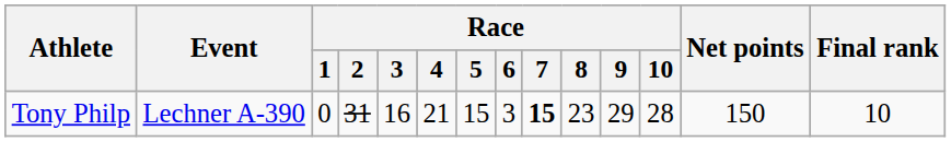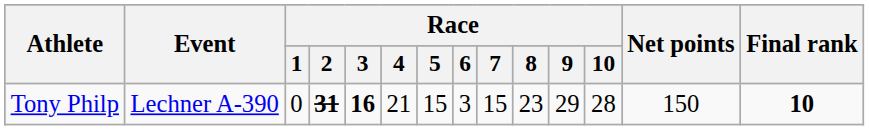 <table class="wikitable" style="font-size:90%">
 <tr>
 <th rowspan=2>Athlete</th>
 <th rowspan=2>Event</th>
 <th colspan=10>Race</th>
 <th rowspan=2>Net points</th>
 <th rowspan=2>Final rank</th>
 </tr>
 <tr style="font-size:95%">
 <th>1</th>
 <th>2</th>
 <th>3</th>
 <th>4</th>
 <th>5</th>
 <th>6</th>
 <th>7</th>
 <th>8</th>
 <th>9</th>
 <th>10</th>
 </tr>
 <tr align=center>
 <td align=left><a href='#'>Tony Philp</a></td>
 <td align=left><a href='#'>Lechner A-390</a></td>
 <td>0</td>
-<td><s>31</s></td>
-<td>16</td>
+<td><strong><s>31</s></strong></td>
+<td><strong>16</strong></td>
 <td>21</td>
 <td>15</td>
 <td>3</td>
-<td><strong>15</strong></td>
+<td>15</td>
 <td>23</td>
 <td>29</td>
 <td>28</td>
 <td>150</td>
-<td>10</td>
+<td><strong>10</strong></td>
 </tr>
 </table>
